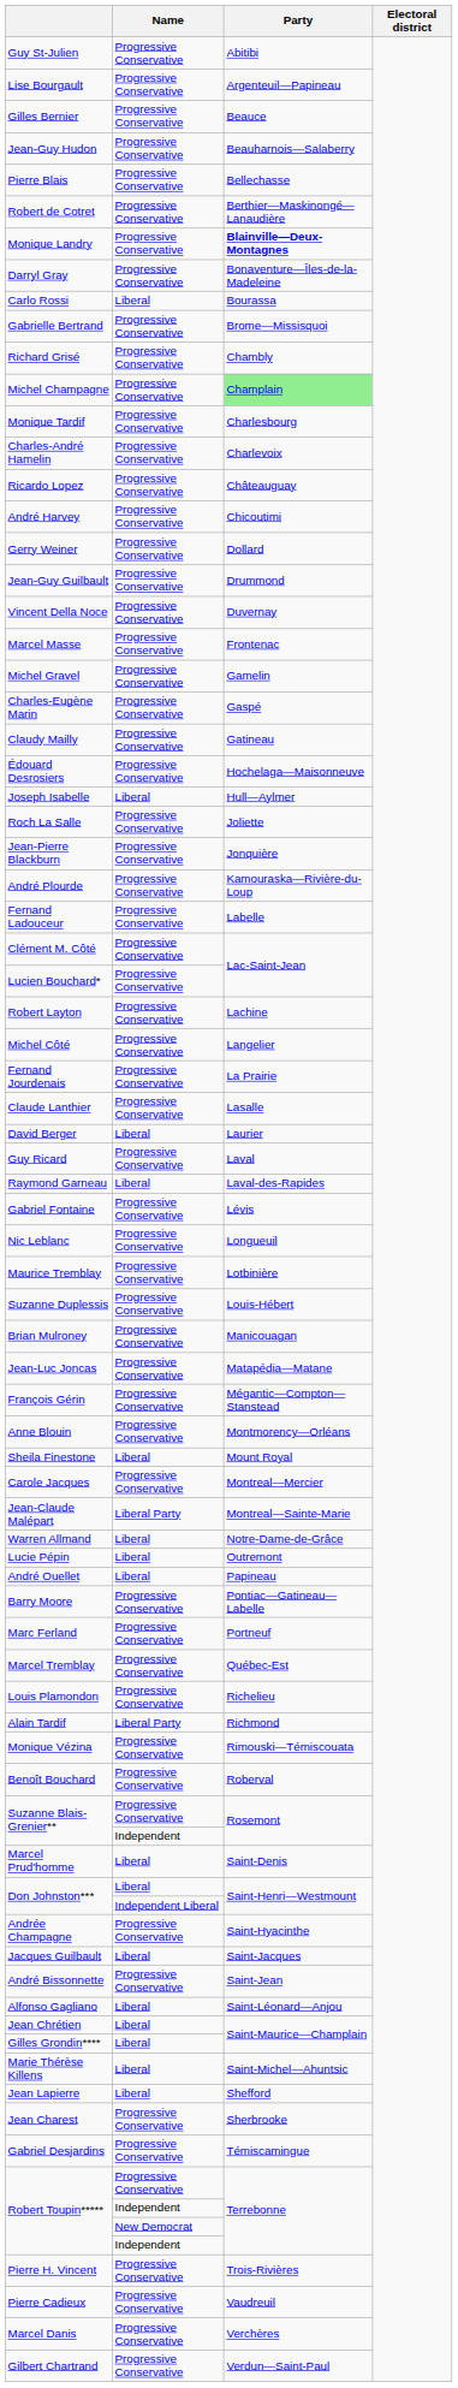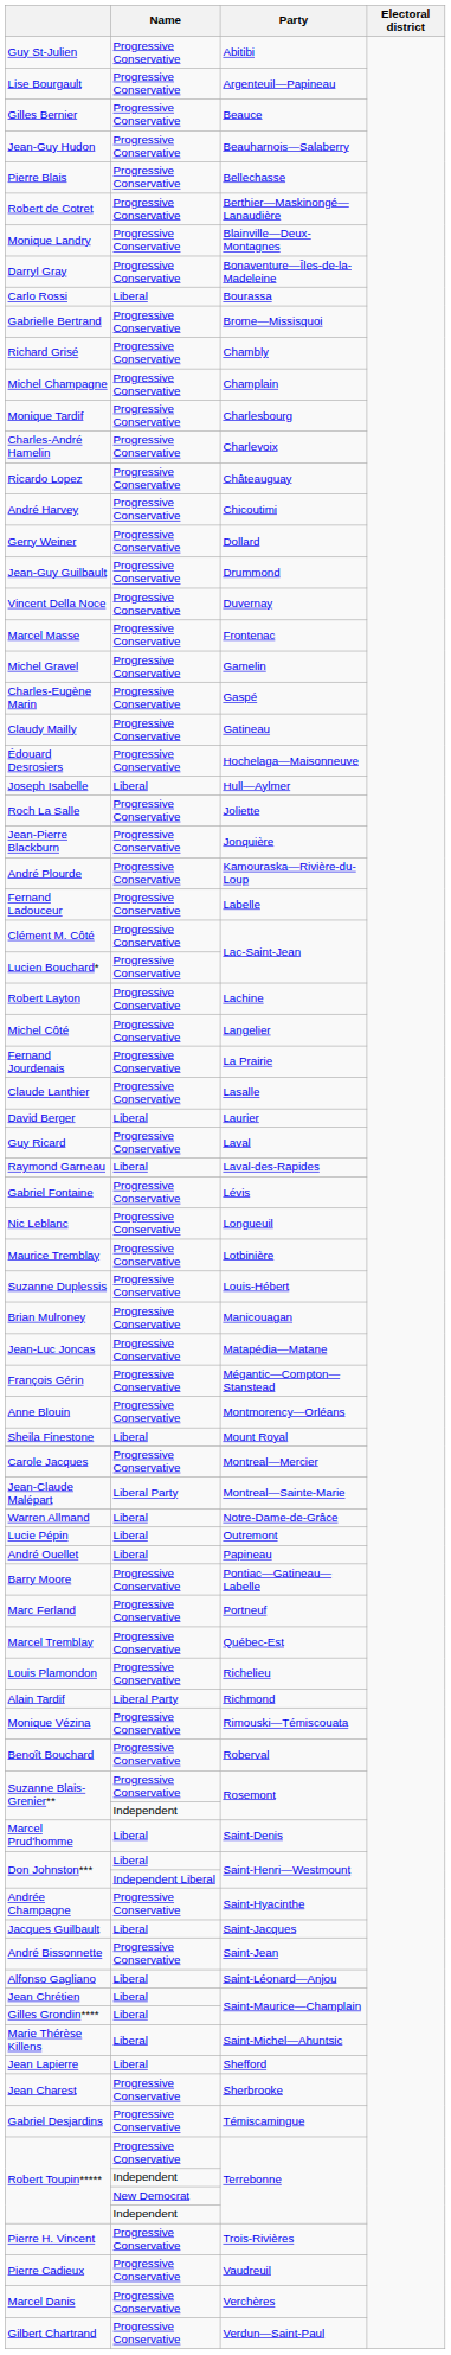 <table class="wikitable" style="width:610px;">
 <tr>
 <th></th>
 <th>Name</th>
 <th>Party</th>
 <th>Electoral district</th>
 </tr>
 <tr>
 <td><a href='#'>Guy St-Julien</a></td>
 <td><a href='#'>Progressive Conservative</a></td>
 <td><a href='#'>Abitibi</a></td>
 </tr>
 <tr>
 <td><a href='#'>Lise Bourgault</a></td>
 <td><a href='#'>Progressive Conservative</a></td>
 <td><a href='#'>Argenteuil—Papineau</a></td>
 </tr>
 <tr>
 <td><a href='#'>Gilles Bernier</a></td>
 <td><a href='#'>Progressive Conservative</a></td>
 <td><a href='#'>Beauce</a></td>
 </tr>
 <tr>
 <td><a href='#'>Jean-Guy Hudon</a></td>
 <td><a href='#'>Progressive Conservative</a></td>
 <td><a href='#'>Beauharnois—Salaberry</a></td>
 </tr>
 <tr>
 <td><a href='#'>Pierre Blais</a></td>
 <td><a href='#'>Progressive Conservative</a></td>
 <td><a href='#'>Bellechasse</a></td>
 </tr>
 <tr>
 <td><a href='#'>Robert de Cotret</a></td>
 <td><a href='#'>Progressive Conservative</a></td>
 <td><a href='#'>Berthier—Maskinongé—Lanaudière</a></td>
 </tr>
 <tr>
 <td><a href='#'>Monique Landry</a></td>
 <td><a href='#'>Progressive Conservative</a></td>
-<td><strong><a href='#'>Blainville—Deux-Montagnes</a></strong></td>
+<td><a href='#'>Blainville—Deux-Montagnes</a></td>
 </tr>
 <tr>
 <td><a href='#'>Darryl Gray</a></td>
 <td><a href='#'>Progressive Conservative</a></td>
 <td><a href='#'>Bonaventure—Îles-de-la-Madeleine</a></td>
 </tr>
 <tr>
 <td><a href='#'>Carlo Rossi</a></td>
 <td><a href='#'>Liberal</a></td>
 <td><a href='#'>Bourassa</a></td>
 </tr>
 <tr>
 <td><a href='#'>Gabrielle Bertrand</a></td>
 <td><a href='#'>Progressive Conservative</a></td>
 <td><a href='#'>Brome—Missisquoi</a></td>
 </tr>
 <tr>
 <td><a href='#'>Richard Grisé</a></td>
 <td><a href='#'>Progressive Conservative</a></td>
 <td><a href='#'>Chambly</a></td>
 </tr>
 <tr>
 <td><a href='#'>Michel Champagne</a></td>
 <td><a href='#'>Progressive Conservative</a></td>
-<td style="background: lightgreen;"><a href='#'>Champlain</a></td>
+<td><a href='#'>Champlain</a></td>
 </tr>
 <tr>
 <td><a href='#'>Monique Tardif</a></td>
 <td><a href='#'>Progressive Conservative</a></td>
 <td><a href='#'>Charlesbourg</a></td>
 </tr>
 <tr>
 <td><a href='#'>Charles-André Hamelin</a></td>
 <td><a href='#'>Progressive Conservative</a></td>
 <td><a href='#'>Charlevoix</a></td>
 </tr>
 <tr>
 <td><a href='#'>Ricardo Lopez</a></td>
 <td><a href='#'>Progressive Conservative</a></td>
 <td><a href='#'>Châteauguay</a></td>
 </tr>
 <tr>
 <td><a href='#'>André Harvey</a></td>
 <td><a href='#'>Progressive Conservative</a></td>
 <td><a href='#'>Chicoutimi</a></td>
 </tr>
 <tr>
 <td><a href='#'>Gerry Weiner</a></td>
 <td><a href='#'>Progressive Conservative</a></td>
 <td><a href='#'>Dollard</a></td>
 </tr>
 <tr>
 <td><a href='#'>Jean-Guy Guilbault</a></td>
 <td><a href='#'>Progressive Conservative</a></td>
 <td><a href='#'>Drummond</a></td>
 </tr>
 <tr>
 <td><a href='#'>Vincent Della Noce</a></td>
 <td><a href='#'>Progressive Conservative</a></td>
 <td><a href='#'>Duvernay</a></td>
 </tr>
 <tr>
 <td><a href='#'>Marcel Masse</a></td>
 <td><a href='#'>Progressive Conservative</a></td>
 <td><a href='#'>Frontenac</a></td>
 </tr>
 <tr>
 <td><a href='#'>Michel Gravel</a></td>
 <td><a href='#'>Progressive Conservative</a></td>
 <td><a href='#'>Gamelin</a></td>
 </tr>
 <tr>
 <td><a href='#'>Charles-Eugène Marin</a></td>
 <td><a href='#'>Progressive Conservative</a></td>
 <td><a href='#'>Gaspé</a></td>
 </tr>
 <tr>
 <td><a href='#'>Claudy Mailly</a></td>
 <td><a href='#'>Progressive Conservative</a></td>
 <td><a href='#'>Gatineau</a></td>
 </tr>
 <tr>
 <td><a href='#'>Édouard Desrosiers</a></td>
 <td><a href='#'>Progressive Conservative</a></td>
 <td><a href='#'>Hochelaga—Maisonneuve</a></td>
 </tr>
 <tr>
 <td><a href='#'>Joseph Isabelle</a></td>
 <td><a href='#'>Liberal</a></td>
 <td><a href='#'>Hull—Aylmer</a></td>
 </tr>
 <tr>
 <td><a href='#'>Roch La Salle</a></td>
 <td><a href='#'>Progressive Conservative</a></td>
 <td><a href='#'>Joliette</a></td>
 </tr>
 <tr>
 <td><a href='#'>Jean-Pierre Blackburn</a></td>
 <td><a href='#'>Progressive Conservative</a></td>
 <td><a href='#'>Jonquière</a></td>
 </tr>
 <tr>
 <td><a href='#'>André Plourde</a></td>
 <td><a href='#'>Progressive Conservative</a></td>
 <td><a href='#'>Kamouraska—Rivière-du-Loup</a></td>
 </tr>
 <tr>
 <td><a href='#'>Fernand Ladouceur</a></td>
 <td><a href='#'>Progressive Conservative</a></td>
 <td><a href='#'>Labelle</a></td>
 </tr>
 <tr>
 <td><a href='#'>Clément M. Côté</a></td>
 <td><a href='#'>Progressive Conservative</a></td>
 <td rowspan="2"><a href='#'>Lac-Saint-Jean</a></td>
 </tr>
 <tr>
 <td><a href='#'>Lucien Bouchard</a>*</td>
 <td><a href='#'>Progressive Conservative</a></td>
 </tr>
 <tr>
 <td><a href='#'>Robert Layton</a></td>
 <td><a href='#'>Progressive Conservative</a></td>
 <td><a href='#'>Lachine</a></td>
 </tr>
 <tr>
 <td><a href='#'>Michel Côté</a></td>
 <td><a href='#'>Progressive Conservative</a></td>
 <td><a href='#'>Langelier</a></td>
 </tr>
 <tr>
 <td><a href='#'>Fernand Jourdenais</a></td>
 <td><a href='#'>Progressive Conservative</a></td>
 <td><a href='#'>La Prairie</a></td>
 </tr>
 <tr>
 <td><a href='#'>Claude Lanthier</a></td>
 <td><a href='#'>Progressive Conservative</a></td>
 <td><a href='#'>Lasalle</a></td>
 </tr>
 <tr>
 <td><a href='#'>David Berger</a></td>
 <td><a href='#'>Liberal</a></td>
 <td><a href='#'>Laurier</a></td>
 </tr>
 <tr>
 <td><a href='#'>Guy Ricard</a></td>
 <td><a href='#'>Progressive Conservative</a></td>
 <td><a href='#'>Laval</a></td>
 </tr>
 <tr>
 <td><a href='#'>Raymond Garneau</a></td>
 <td><a href='#'>Liberal</a></td>
 <td><a href='#'>Laval-des-Rapides</a></td>
 </tr>
 <tr>
 <td><a href='#'>Gabriel Fontaine</a></td>
 <td><a href='#'>Progressive Conservative</a></td>
 <td><a href='#'>Lévis</a></td>
 </tr>
 <tr>
 <td><a href='#'>Nic Leblanc</a></td>
 <td><a href='#'>Progressive Conservative</a></td>
 <td><a href='#'>Longueuil</a></td>
 </tr>
 <tr>
 <td><a href='#'>Maurice Tremblay</a></td>
 <td><a href='#'>Progressive Conservative</a></td>
 <td><a href='#'>Lotbinière</a></td>
 </tr>
 <tr>
 <td><a href='#'>Suzanne Duplessis</a></td>
 <td><a href='#'>Progressive Conservative</a></td>
 <td><a href='#'>Louis-Hébert</a></td>
 </tr>
 <tr>
 <td><a href='#'>Brian Mulroney</a></td>
 <td><a href='#'>Progressive Conservative</a></td>
 <td><a href='#'>Manicouagan</a></td>
 </tr>
 <tr>
 <td><a href='#'>Jean-Luc Joncas</a></td>
 <td><a href='#'>Progressive Conservative</a></td>
 <td><a href='#'>Matapédia—Matane</a></td>
 </tr>
 <tr>
 <td><a href='#'>François Gérin</a></td>
 <td><a href='#'>Progressive Conservative</a></td>
 <td><a href='#'>Mégantic—Compton—Stanstead</a></td>
 </tr>
 <tr>
 <td><a href='#'>Anne Blouin</a></td>
 <td><a href='#'>Progressive Conservative</a></td>
 <td><a href='#'>Montmorency—Orléans</a></td>
 </tr>
 <tr>
 <td><a href='#'>Sheila Finestone</a></td>
 <td><a href='#'>Liberal</a></td>
 <td><a href='#'>Mount Royal</a></td>
 </tr>
 <tr>
 <td><a href='#'>Carole Jacques</a></td>
 <td><a href='#'>Progressive Conservative</a></td>
 <td><a href='#'>Montreal—Mercier</a></td>
 </tr>
 <tr>
 <td><a href='#'>Jean-Claude Malépart</a></td>
 <td><a href='#'>Liberal Party</a></td>
 <td><a href='#'>Montreal—Sainte-Marie</a></td>
 </tr>
 <tr>
 <td><a href='#'>Warren Allmand</a></td>
 <td><a href='#'>Liberal</a></td>
 <td><a href='#'>Notre-Dame-de-Grâce</a></td>
 </tr>
 <tr>
 <td><a href='#'>Lucie Pépin</a></td>
 <td><a href='#'>Liberal</a></td>
 <td><a href='#'>Outremont</a></td>
 </tr>
 <tr>
 <td><a href='#'>André Ouellet</a></td>
 <td><a href='#'>Liberal</a></td>
 <td><a href='#'>Papineau</a></td>
 </tr>
 <tr>
 <td><a href='#'>Barry Moore</a></td>
 <td><a href='#'>Progressive Conservative</a></td>
 <td><a href='#'>Pontiac—Gatineau—Labelle</a></td>
 </tr>
 <tr>
 <td><a href='#'>Marc Ferland</a></td>
 <td><a href='#'>Progressive Conservative</a></td>
 <td><a href='#'>Portneuf</a></td>
 </tr>
 <tr>
 <td><a href='#'>Marcel Tremblay</a></td>
 <td><a href='#'>Progressive Conservative</a></td>
 <td><a href='#'>Québec-Est</a></td>
 </tr>
 <tr>
 <td><a href='#'>Louis Plamondon</a></td>
 <td><a href='#'>Progressive Conservative</a></td>
 <td><a href='#'>Richelieu</a></td>
 </tr>
 <tr>
 <td><a href='#'>Alain Tardif</a></td>
 <td><a href='#'>Liberal Party</a></td>
 <td><a href='#'>Richmond</a></td>
 </tr>
 <tr>
 <td><a href='#'>Monique Vézina</a></td>
 <td><a href='#'>Progressive Conservative</a></td>
 <td><a href='#'>Rimouski—Témiscouata</a></td>
 </tr>
 <tr>
 <td><a href='#'>Benoît Bouchard</a></td>
 <td><a href='#'>Progressive Conservative</a></td>
 <td><a href='#'>Roberval</a></td>
 </tr>
 <tr>
 <td rowspan="2"><a href='#'>Suzanne Blais-Grenier</a>**</td>
 <td><a href='#'>Progressive Conservative</a></td>
 <td rowspan="2"><a href='#'>Rosemont</a></td>
 </tr>
 <tr>
 <td>Independent</td>
 </tr>
 <tr>
 <td><a href='#'>Marcel Prud'homme</a></td>
 <td><a href='#'>Liberal</a></td>
 <td><a href='#'>Saint-Denis</a></td>
 </tr>
 <tr>
 <td rowspan="2"><a href='#'>Don Johnston</a>***</td>
 <td><a href='#'>Liberal</a></td>
 <td rowspan="2"><a href='#'>Saint-Henri—Westmount</a></td>
 </tr>
 <tr>
 <td><a href='#'>Independent Liberal</a></td>
 </tr>
 <tr>
 <td><a href='#'>Andrée Champagne</a></td>
 <td><a href='#'>Progressive Conservative</a></td>
 <td><a href='#'>Saint-Hyacinthe</a></td>
 </tr>
 <tr>
 <td><a href='#'>Jacques Guilbault</a></td>
 <td><a href='#'>Liberal</a></td>
 <td><a href='#'>Saint-Jacques</a></td>
 </tr>
 <tr>
 <td><a href='#'>André Bissonnette</a></td>
 <td><a href='#'>Progressive Conservative</a></td>
 <td><a href='#'>Saint-Jean</a></td>
 </tr>
 <tr>
 <td><a href='#'>Alfonso Gagliano</a></td>
 <td><a href='#'>Liberal</a></td>
 <td><a href='#'>Saint-Léonard—Anjou</a></td>
 </tr>
 <tr>
 <td><a href='#'>Jean Chrétien</a></td>
 <td><a href='#'>Liberal</a></td>
 <td rowspan="2"><a href='#'>Saint-Maurice—Champlain</a></td>
 </tr>
 <tr>
 <td><a href='#'>Gilles Grondin</a>****</td>
 <td><a href='#'>Liberal</a></td>
 </tr>
 <tr>
 <td><a href='#'>Marie Thérèse Killens</a></td>
 <td><a href='#'>Liberal</a></td>
 <td><a href='#'>Saint-Michel—Ahuntsic</a></td>
 </tr>
 <tr>
 <td><a href='#'>Jean Lapierre</a></td>
 <td><a href='#'>Liberal</a></td>
 <td><a href='#'>Shefford</a></td>
 </tr>
 <tr>
 <td><a href='#'>Jean Charest</a></td>
 <td><a href='#'>Progressive Conservative</a></td>
 <td><a href='#'>Sherbrooke</a></td>
 </tr>
 <tr>
 <td><a href='#'>Gabriel Desjardins</a></td>
 <td><a href='#'>Progressive Conservative</a></td>
 <td><a href='#'>Témiscamingue</a></td>
 </tr>
 <tr>
 <td rowspan="4"><a href='#'>Robert Toupin</a>*****</td>
 <td><a href='#'>Progressive Conservative</a></td>
 <td rowspan="4"><a href='#'>Terrebonne</a></td>
 </tr>
 <tr>
 <td>Independent</td>
 </tr>
 <tr>
 <td><a href='#'>New Democrat</a></td>
 </tr>
 <tr>
 <td>Independent</td>
 </tr>
 <tr>
 <td><a href='#'>Pierre H. Vincent</a></td>
 <td><a href='#'>Progressive Conservative</a></td>
 <td><a href='#'>Trois-Rivières</a></td>
 </tr>
 <tr>
 <td><a href='#'>Pierre Cadieux</a></td>
 <td><a href='#'>Progressive Conservative</a></td>
 <td><a href='#'>Vaudreuil</a></td>
 </tr>
 <tr>
 <td><a href='#'>Marcel Danis</a></td>
 <td><a href='#'>Progressive Conservative</a></td>
 <td><a href='#'>Verchères</a></td>
 </tr>
 <tr>
 <td><a href='#'>Gilbert Chartrand</a></td>
 <td><a href='#'>Progressive Conservative</a></td>
 <td><a href='#'>Verdun—Saint-Paul</a></td>
 </tr>
 </table>
